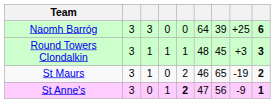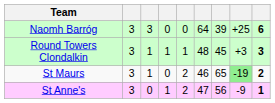 <table class="wikitable" style="text-align:center">
 <tr>
 <th style="width:175px;">Team</th>
 <th width="20"></th>
 <th width="20"></th>
 <th width="20"></th>
 <th width="20"></th>
 <th width="20"></th>
 <th width="20"></th>
 <th width="20"></th>
 <th width="20"></th>
 </tr>
 <tr style="background:#cfc;">
 <td><a href='#'>Naomh Barróg</a></td>
 <td>3</td>
 <td>3</td>
 <td>0</td>
 <td>0</td>
 <td>64</td>
 <td>39</td>
 <td>+25</td>
 <td><strong>6</strong></td>
 </tr>
 <tr style="background:#cfc;">
 <td><a href='#'>Round Towers Clondalkin</a></td>
 <td>3</td>
 <td>1</td>
 <td>1</td>
 <td>1</td>
 <td>48</td>
 <td>45</td>
 <td>+3</td>
 <td><strong>3</strong></td>
 </tr>
 <tr>
 <td><a href='#'>St Maurs</a></td>
 <td>3</td>
 <td>1</td>
 <td>0</td>
 <td>2</td>
 <td>46</td>
 <td>65</td>
-<td>-19</td>
+<td style="background: lightgreen;">-19</td>
 <td><strong>2</strong></td>
 </tr>
 <tr style="background:#fcf;">
 <td><a href='#'>St Anne's</a></td>
 <td>3</td>
 <td>0</td>
 <td>1</td>
-<td><strong>2</strong></td>
+<td>2</td>
 <td>47</td>
 <td>56</td>
 <td>-9</td>
 <td><strong>1</strong></td>
 </tr>
 </table>
